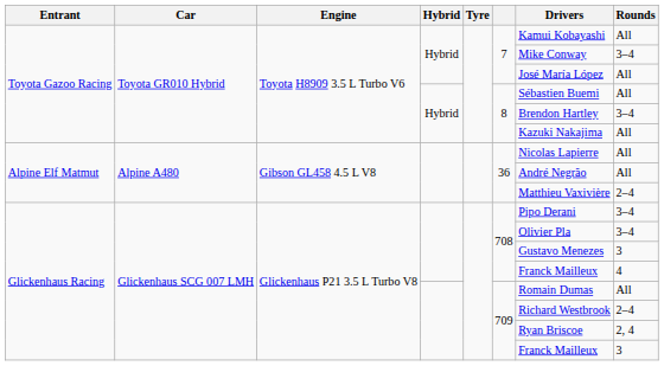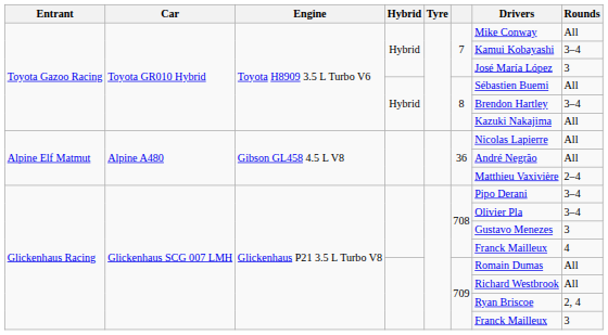 <table class="wikitable" style="font-size: 90%">
 <tr>
 <th>Entrant</th>
 <th>Car</th>
 <th>Engine</th>
 <th>Hybrid</th>
 <th>Tyre</th>
 <th></th>
 <th>Drivers</th>
 <th>Rounds</th>
 </tr>
 <tr>
 <td rowspan="6"> <a href='#'>Toyota Gazoo Racing</a></td>
 <td rowspan="6"><a href='#'>Toyota GR010 Hybrid</a></td>
 <td rowspan="6"><a href='#'>Toyota</a> <a href='#'>H8909</a> 3.5 L Turbo V6</td>
 <td rowspan="3" align=center>Hybrid</td>
 <td rowspan="6"></td>
 <td rowspan="3" align="center">7</td>
-<td> <a href='#'>Kamui Kobayashi</a></td>
+<td> <a href='#'>Mike Conway</a></td>
 <td>All</td>
 </tr>
 <tr>
-<td> <a href='#'>Mike Conway</a></td>
+<td> <a href='#'>Kamui Kobayashi</a></td>
 <td>3–4</td>
 </tr>
 <tr>
 <td> <a href='#'>José María López</a></td>
-<td>All</td>
+<td>3</td>
 </tr>
 <tr>
 <td rowspan="3" align=center>Hybrid</td>
 <td rowspan="3" align="center">8</td>
 <td> <a href='#'>Sébastien Buemi</a></td>
 <td>All</td>
 </tr>
 <tr>
 <td> <a href='#'>Brendon Hartley</a></td>
 <td>3–4</td>
 </tr>
 <tr>
 <td> <a href='#'>Kazuki Nakajima</a></td>
 <td>All</td>
 </tr>
 <tr>
 <td rowspan="3"> <a href='#'>Alpine Elf Matmut</a></td>
 <td rowspan="3"><a href='#'>Alpine A480</a></td>
 <td rowspan="3"><a href='#'>Gibson GL458</a> 4.5 L V8</td>
 <td rowspan="3"></td>
 <td rowspan="3"></td>
 <td rowspan="3" align="center">36</td>
 <td> <a href='#'>Nicolas Lapierre</a></td>
 <td>All</td>
 </tr>
 <tr>
 <td> <a href='#'>André Negrão</a></td>
 <td>All</td>
 </tr>
 <tr>
 <td> <a href='#'>Matthieu Vaxivière</a></td>
 <td>2–4</td>
 </tr>
 <tr>
 <td rowspan="8"> <a href='#'>Glickenhaus Racing</a></td>
 <td rowspan="8"><a href='#'>Glickenhaus SCG 007 LMH</a></td>
 <td rowspan="8"><a href='#'>Glickenhaus</a> P21 3.5 L Turbo V8</td>
 <td rowspan="4"></td>
 <td rowspan="8"></td>
 <td rowspan="4" align="center">708</td>
 <td> <a href='#'>Pipo Derani</a></td>
 <td>3–4</td>
 </tr>
 <tr>
 <td> <a href='#'>Olivier Pla</a></td>
 <td>3–4</td>
 </tr>
 <tr>
 <td> <a href='#'>Gustavo Menezes</a></td>
 <td>3</td>
 </tr>
 <tr>
 <td> <a href='#'>Franck Mailleux</a></td>
 <td>4</td>
 </tr>
 <tr>
 <td rowspan="4"></td>
 <td rowspan="4" align="center">709</td>
 <td> <a href='#'>Romain Dumas</a></td>
 <td>All</td>
 </tr>
 <tr>
 <td> <a href='#'>Richard Westbrook</a></td>
-<td>2–4</td>
+<td>All</td>
 </tr>
 <tr>
 <td> <a href='#'>Ryan Briscoe</a></td>
 <td>2, 4</td>
 </tr>
 <tr>
 <td> <a href='#'>Franck Mailleux</a></td>
 <td>3</td>
 </tr>
 </table>
